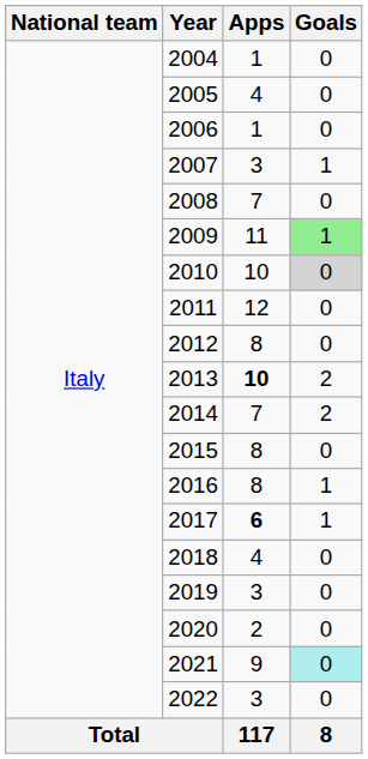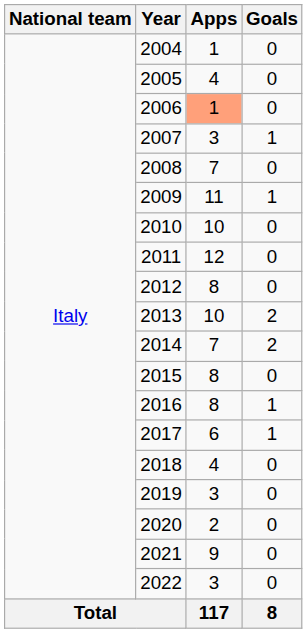 <table class="wikitable" style="text-align:center">
 <tr>
 <th>National team</th>
 <th>Year</th>
 <th>Apps</th>
 <th>Goals</th>
 </tr>
 <tr>
 <td rowspan="19"><a href='#'>Italy</a></td>
 <td>2004</td>
 <td>1</td>
 <td>0</td>
 </tr>
 <tr>
 <td>2005</td>
 <td>4</td>
 <td>0</td>
 </tr>
 <tr>
 <td>2006</td>
-<td>1</td>
+<td style="background: lightsalmon;">1</td>
 <td>0</td>
 </tr>
 <tr>
 <td>2007</td>
 <td>3</td>
 <td>1</td>
 </tr>
 <tr>
 <td>2008</td>
 <td>7</td>
 <td>0</td>
 </tr>
 <tr>
 <td>2009</td>
 <td>11</td>
-<td style="background: lightgreen;">1</td>
+<td>1</td>
 </tr>
 <tr>
 <td>2010</td>
 <td>10</td>
-<td style="background: lightgrey;">0</td>
+<td>0</td>
 </tr>
 <tr>
 <td>2011</td>
 <td>12</td>
 <td>0</td>
 </tr>
 <tr>
 <td>2012</td>
 <td>8</td>
 <td>0</td>
 </tr>
 <tr>
 <td>2013</td>
-<td><strong>10</strong></td>
+<td>10</td>
 <td>2</td>
 </tr>
 <tr>
 <td>2014</td>
 <td>7</td>
 <td>2</td>
 </tr>
 <tr>
 <td>2015</td>
 <td>8</td>
 <td>0</td>
 </tr>
 <tr>
 <td>2016</td>
 <td>8</td>
 <td>1</td>
 </tr>
 <tr>
 <td>2017</td>
-<td><strong>6</strong></td>
+<td>6</td>
 <td>1</td>
 </tr>
 <tr>
 <td>2018</td>
 <td>4</td>
 <td>0</td>
 </tr>
 <tr>
 <td>2019</td>
 <td>3</td>
 <td>0</td>
 </tr>
 <tr>
 <td>2020</td>
 <td>2</td>
 <td>0</td>
 </tr>
 <tr>
 <td>2021</td>
 <td>9</td>
-<td style="background: paleturquoise;">0</td>
+<td>0</td>
 </tr>
 <tr>
 <td>2022</td>
 <td>3</td>
 <td>0</td>
 </tr>
 <tr>
 <th colspan="2">Total</th>
 <th>117</th>
 <th>8</th>
 </tr>
 </table>
